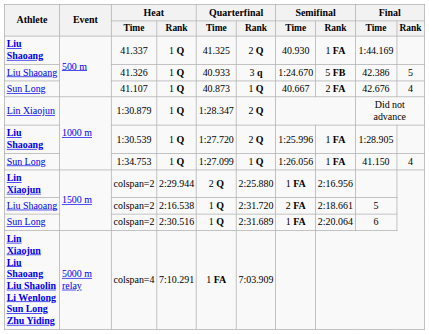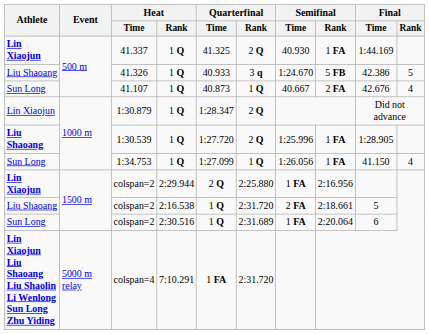 <table class="wikitable" style="font-size:90%">
 <tr>
 <th rowspan=2>Athlete</th>
 <th rowspan=2>Event</th>
 <th colspan=2>Heat</th>
 <th colspan=2>Quarterfinal</th>
 <th colspan=2>Semifinal</th>
 <th colspan=2>Final</th>
 </tr>
 <tr style="font-size:95%">
 <th>Time</th>
 <th>Rank</th>
 <th>Time</th>
 <th>Rank</th>
 <th>Time</th>
 <th>Rank</th>
 <th>Time</th>
 <th>Rank</th>
 </tr>
 <tr align=center>
-<td align=left><strong><a href='#'>Liu Shaoang</a></strong></td>
+<td align=left><strong><a href='#'>Lin Xiaojun</a></strong></td>
 <td align=left rowspan=3><a href='#'>500 m</a></td>
 <td>41.337</td>
 <td>1 <strong>Q</strong></td>
 <td>41.325</td>
 <td>2 <strong>Q</strong></td>
 <td>40.930</td>
 <td>1 <strong>FA</strong></td>
 <td>1:44.169</td>
 <td></td>
 </tr>
 <tr align=center>
 <td align=left><a href='#'>Liu Shaoang</a></td>
 <td>41.326</td>
 <td>1 <strong>Q</strong></td>
 <td>40.933</td>
 <td>3 <strong>q</strong></td>
 <td>1:24.670</td>
 <td>5 <strong>FB</strong></td>
 <td>42.386</td>
 <td>5</td>
 </tr>
 <tr align=center>
 <td align=left><a href='#'>Sun Long</a></td>
 <td>41.107</td>
 <td>1 <strong>Q</strong></td>
 <td>40.873</td>
 <td>1 <strong>Q</strong></td>
 <td>40.667</td>
 <td>2 <strong>FA</strong></td>
 <td>42.676</td>
 <td>4</td>
 </tr>
 <tr align=center>
 <td align=left><a href='#'>Lin Xiaojun</a></td>
 <td align=left rowspan=3><a href='#'>1000 m</a></td>
 <td>1:30.879</td>
 <td>1 <strong>Q</strong></td>
 <td>1:28.347</td>
 <td>2 <strong>Q</strong></td>
 <td colspan=2></td>
 <td colspan=2>Did not advance</td>
 </tr>
 <tr align=center>
 <td align=left><strong><a href='#'>Liu Shaoang</a></strong></td>
 <td>1:30.539</td>
 <td>1 <strong>Q</strong></td>
 <td>1:27.720</td>
 <td>2 <strong>Q</strong></td>
 <td>1:25.996</td>
 <td>1 <strong>FA</strong></td>
 <td>1:28.905</td>
 <td></td>
 </tr>
 <tr align=center>
 <td align=left><a href='#'>Sun Long</a></td>
 <td>1:34.753</td>
 <td>1 <strong>Q</strong></td>
 <td>1:27.099</td>
 <td>1 <strong>Q</strong></td>
 <td>1:26.056</td>
 <td>1 <strong>FA</strong></td>
 <td>41.150</td>
 <td>4</td>
 </tr>
 <tr align=center>
 <td align=left><strong><a href='#'>Lin Xiaojun</a></strong></td>
 <td align=left rowspan=3><a href='#'>1500 m</a></td>
 <td>colspan=2 </td>
 <td>2:29.944</td>
 <td>2 <strong>Q</strong></td>
 <td>2:25.880</td>
 <td>1 <strong>FA</strong></td>
 <td>2:16.956</td>
 <td></td>
 </tr>
 <tr align=center>
 <td align=left><a href='#'>Liu Shaoang</a></td>
 <td>colspan=2 </td>
 <td>2:16.538</td>
 <td>1 <strong>Q</strong></td>
 <td>2:31.720</td>
 <td>2 <strong>FA</strong></td>
 <td>2:18.661</td>
 <td>5</td>
 </tr>
 <tr align=center>
 <td align=left><a href='#'>Sun Long</a></td>
 <td>colspan=2 </td>
 <td>2:30.516</td>
 <td>1 <strong>Q</strong></td>
 <td>2:31.689</td>
 <td>1 <strong>FA</strong></td>
 <td>2:20.064</td>
 <td>6</td>
 </tr>
 <tr align=center>
 <td align=left><strong><a href='#'>Lin Xiaojun</a><br><a href='#'>Liu Shaoang</a><br><a href='#'>Liu Shaolin</a><br><a href='#'>Li Wenlong</a><br><a href='#'>Sun Long</a><br><a href='#'>Zhu Yiding</a></strong></td>
 <td align=left><a href='#'>5000 m relay</a></td>
 <td>colspan=4 </td>
 <td>7:10.291</td>
 <td>1 <strong>FA</strong></td>
-<td>7:03.909</td>
+<td>2:31.720</td>
 <td></td>
 </tr>
 </table>
